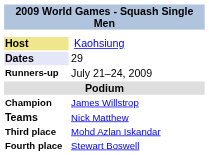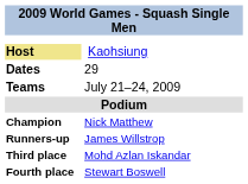 <table class="toccolours" style="float: right; margin: 0 0 1em 1em; font-size: 90%;" width=275px>
 <tr>
 <td colspan="2" style="background: #B0C4DE; text-align: center;" height=30px><strong>2009 World Games -  Squash Single Men</strong></td>
 </tr>
 <tr>
 <td colspan="2" style="text-align: center;"></td>
 </tr>
 <tr style="vertical-align:top;">
 <td colspan=2></td>
 </tr>
 <tr style="vertical-align:top;">
 <td style="background: khaki;"><strong>Host</strong></td>
 <td> <a href='#'>Kaohsiung</a></td>
 </tr>
 <tr style="vertical-align:top;">
-<td style="background: lavender;"><strong>Dates</strong></td>
+<td><strong>Dates</strong></td>
 <td>29</td>
 </tr>
 <tr style="vertical-align:top;">
-<td style=font-size:90% width=100> <strong>Runners-up</strong></td>
+<td width=90><strong>Teams</strong></td>
 <td>July 21–24, 2009</td>
 </tr>
 <tr>
 <td colspan="2" style="background: #dedede; text-align: center;"><strong>Podium</strong></td>
 </tr>
 <tr style="vertical-align:top;">
 <td style=font-size:90% width=100> <strong>Champion</strong></td>
-<td style=font-size:90% width=250> <a href='#'>James Willstrop</a></td>
+<td style=font-size:90% width=250> <a href='#'>Nick Matthew</a></td>
 </tr>
 <tr>
-<td width=90><strong>Teams</strong></td>
-<td style=font-size:90% width=250> <a href='#'>Nick Matthew</a></td>
+<td style=font-size:90% width=100> <strong>Runners-up</strong></td>
+<td style=font-size:90% width=250> <a href='#'>James Willstrop</a></td>
 </tr>
 <tr>
 <td style=font-size:90% width=100> <strong>Third place</strong></td>
 <td style=font-size:90% width=250> <a href='#'>Mohd Azlan Iskandar</a></td>
 </tr>
 <tr>
 <td style=font-size:90% width=100><strong>Fourth place</strong></td>
 <td style=font-size:90% width=250> <a href='#'>Stewart Boswell</a></td>
 </tr>
 </table>
